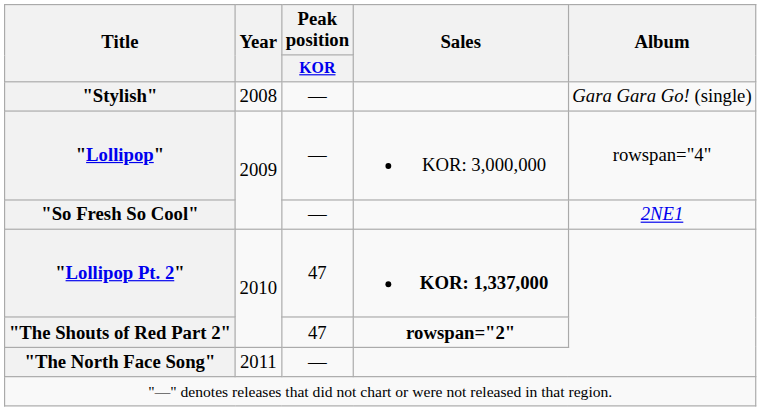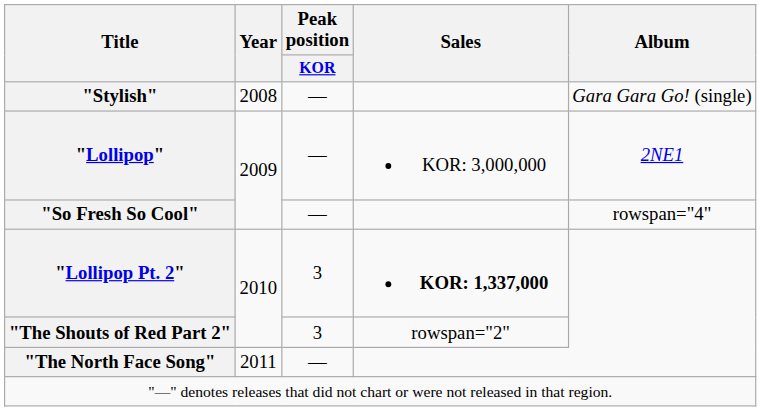 <table class="wikitable plainrowheaders" style="text-align:center;">
 <tr>
 <th rowspan="2">Title</th>
 <th rowspan="2" style="width:2em;">Year</th>
 <th>Peak position</th>
 <th rowspan="2" style="width:11em;">Sales</th>
 <th rowspan="2">Album</th>
 </tr>
 <tr>
 <th scope="col" style="width:2.5em;font-size:85%;"><a href='#'>KOR</a><br></th>
 </tr>
 <tr>
 <th scope="row">"Stylish"</th>
 <td>2008</td>
 <td>—</td>
 <td></td>
 <td><em>Gara Gara Go!</em> (single)</td>
 </tr>
 <tr>
 <th scope="row">"<a href='#'>Lollipop</a>" </th>
 <td rowspan="2">2009</td>
 <td>—</td>
 <td><br><ul><li>KOR: 3,000,000</li></ul></td>
-<td>rowspan="4" </td>
+<td><em><a href='#'>2NE1</a></em></td>
 </tr>
 <tr>
 <th scope="row">"So Fresh So Cool"</th>
 <td>—</td>
 <td></td>
-<td><em><a href='#'>2NE1</a></em></td>
+<td>rowspan="4" </td>
 </tr>
 <tr>
 <th scope="row">"<a href='#'>Lollipop Pt. 2</a>"</th>
 <td rowspan="2">2010</td>
-<td>47</td>
+<td>3</td>
 <td><strong><br><ul><li>KOR: 1,337,000</li></ul></strong></td>
 </tr>
 <tr>
 <th scope="row">"The Shouts of Red Part 2" </th>
-<td>47</td>
-<td><strong>rowspan="2" </strong></td>
+<td>3</td>
+<td>rowspan="2" </td>
 </tr>
 <tr>
 <th scope="row">"The North Face Song"</th>
 <td>2011</td>
 <td>—</td>
 </tr>
 <tr>
 <td colspan="5"><small>"—" denotes releases that did not chart or were not released in that region.</small></td>
 </tr>
 </table>
